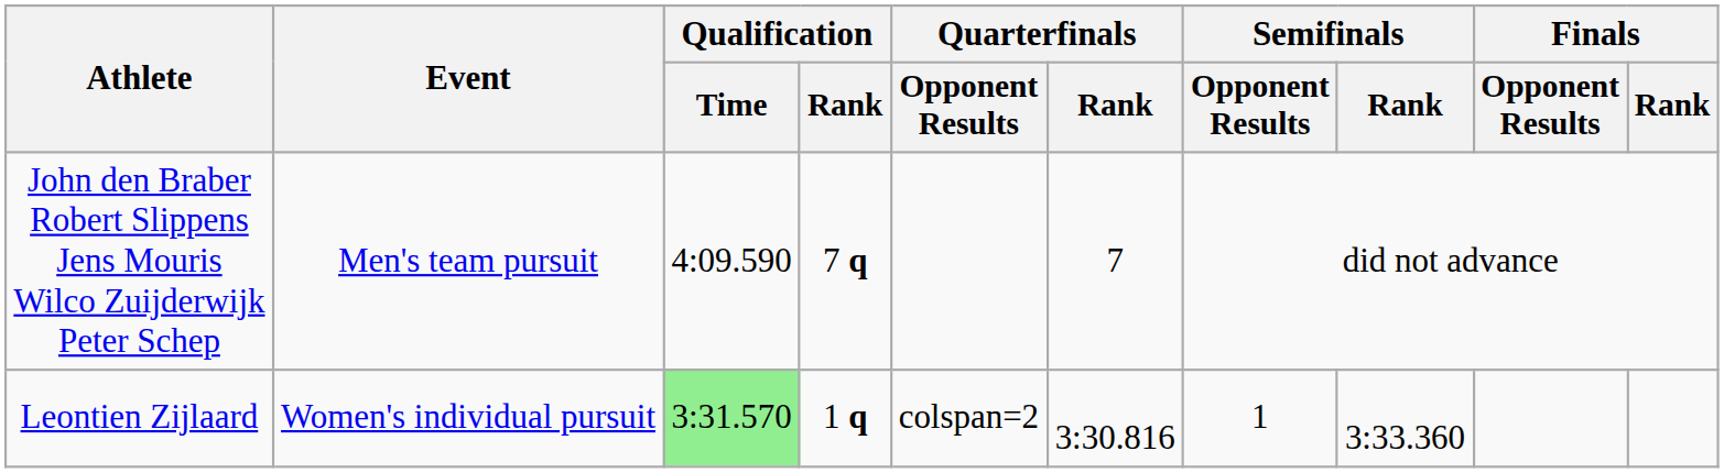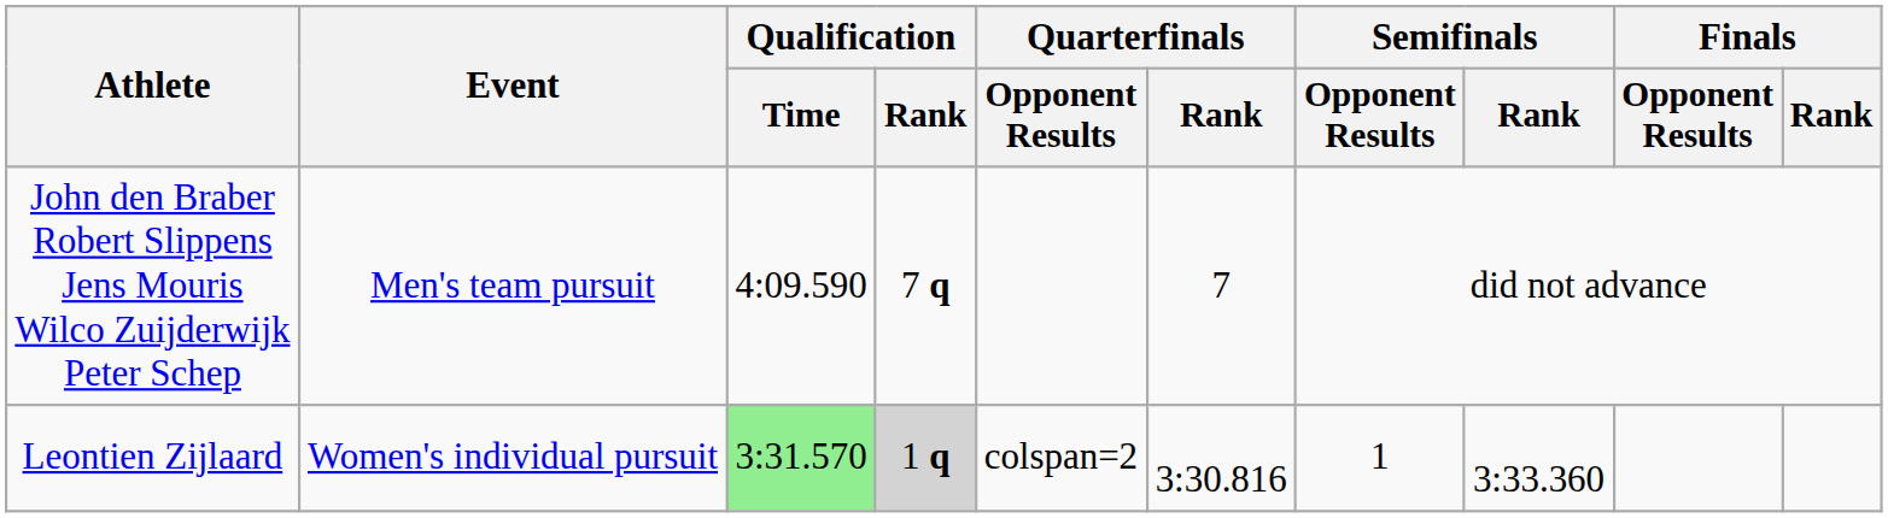 <table class=wikitable style="font-size:90%">
 <tr>
 <th rowspan="2">Athlete</th>
 <th rowspan="2">Event</th>
 <th colspan="2">Qualification</th>
 <th colspan="2">Quarterfinals</th>
 <th colspan="2">Semifinals</th>
 <th colspan="2">Finals</th>
 </tr>
 <tr style="font-size:95%">
 <th>Time</th>
 <th>Rank</th>
 <th>Opponent<br>Results</th>
 <th>Rank</th>
 <th>Opponent<br>Results</th>
 <th>Rank</th>
 <th>Opponent<br>Results</th>
 <th>Rank</th>
 </tr>
 <tr align=center>
 <td><a href='#'>John den Braber</a><br><a href='#'>Robert Slippens</a><br><a href='#'>Jens Mouris</a><br><a href='#'>Wilco Zuijderwijk</a><br><a href='#'>Peter Schep</a></td>
 <td><a href='#'>Men's team pursuit</a></td>
 <td>4:09.590</td>
 <td>7 <strong>q</strong></td>
 <td> <br> </td>
 <td>7</td>
 <td colspan=4>did not advance</td>
 </tr>
 <tr align=center>
 <td><a href='#'>Leontien Zijlaard</a></td>
 <td><a href='#'>Women's individual pursuit</a></td>
 <td style="background: lightgreen;">3:31.570</td>
-<td>1 <strong>q</strong></td>
+<td style="background: lightgrey;">1 <strong>q</strong></td>
 <td>colspan=2 </td>
 <td> <br> 3:30.816</td>
 <td>1</td>
 <td> <br> 3:33.360</td>
 <td></td>
 </tr>
 </table>
